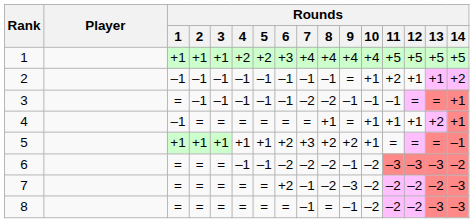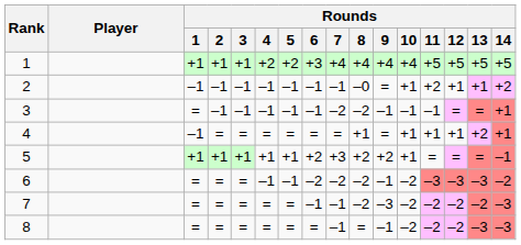 <table class="wikitable" style="font-size:100%; text-align:center; white-space: nowrap;">
 <tr>
 <th rowspan="2">Rank</th>
 <th rowspan="2" style="width:140px;">Player</th>
 <th colspan="14">Rounds</th>
 </tr>
 <tr>
 <th>1</th>
 <th>2</th>
 <th>3</th>
 <th>4</th>
 <th>5</th>
 <th>6</th>
 <th>7</th>
 <th>8</th>
 <th>9</th>
 <th>10</th>
 <th>11</th>
 <th>12</th>
 <th>13</th>
 <th>14</th>
 </tr>
 <tr>
 <td>1</td>
 <td align="left"></td>
 <td bgcolor="#ccffcc">+1</td>
 <td bgcolor="#ccffcc">+1</td>
 <td bgcolor="#ccffcc">+1</td>
 <td bgcolor="#ccffcc">+2</td>
 <td bgcolor="#ccffcc">+2</td>
 <td bgcolor="#ccffcc">+3</td>
 <td bgcolor="#ccffcc">+4</td>
 <td bgcolor="#ccffcc">+4</td>
 <td bgcolor="#ccffcc">+4</td>
 <td bgcolor="#ccffcc">+4</td>
 <td bgcolor="#ccffcc">+5</td>
 <td bgcolor="#ccffcc">+5</td>
 <td bgcolor="#ccffcc">+5</td>
 <td bgcolor="#ccffcc">+5</td>
 </tr>
 <tr>
 <td>2</td>
 <td align="left"></td>
 <td>–1</td>
 <td>–1</td>
 <td>–1</td>
 <td>–1</td>
 <td>–1</td>
 <td>–1</td>
 <td>–1</td>
-<td>–1</td>
+<td>–0</td>
 <td>=</td>
 <td>+1</td>
 <td>+2</td>
 <td>+1</td>
 <td bgcolor="#ffbfff">+1</td>
 <td bgcolor="#ffbfff">+2</td>
 </tr>
 <tr>
 <td>3</td>
 <td align="left"></td>
 <td>=</td>
 <td>–1</td>
 <td>–1</td>
 <td>–1</td>
 <td>–1</td>
 <td>–1</td>
 <td>–2</td>
 <td>–2</td>
 <td>–1</td>
 <td>–1</td>
 <td>–1</td>
 <td bgcolor="#ffbfff">=</td>
 <td bgcolor="#ff8888">=</td>
 <td bgcolor="#ff8888">+1</td>
 </tr>
 <tr>
 <td>4</td>
 <td align="left"></td>
 <td>–1</td>
 <td>=</td>
 <td>=</td>
 <td>=</td>
 <td>=</td>
 <td>=</td>
 <td>=</td>
 <td>+1</td>
 <td>=</td>
 <td>+1</td>
 <td>+1</td>
 <td>+1</td>
 <td bgcolor="#ffbfff">+2</td>
 <td bgcolor="#ff8888">+1</td>
 </tr>
 <tr>
 <td>5</td>
 <td align="left"></td>
 <td bgcolor="#ccffcc">+1</td>
 <td bgcolor="#ccffcc">+1</td>
 <td bgcolor="#ccffcc">+1</td>
 <td>+1</td>
 <td>+1</td>
 <td>+2</td>
 <td>+3</td>
 <td>+2</td>
 <td>+2</td>
 <td>+1</td>
 <td>=</td>
 <td bgcolor="#ffbfff">=</td>
 <td bgcolor="#ff8888">=</td>
 <td bgcolor="#ff8888">–1</td>
 </tr>
 <tr>
 <td>6</td>
 <td align="left"></td>
 <td>=</td>
 <td>=</td>
 <td>=</td>
 <td>–1</td>
 <td>–1</td>
 <td>–2</td>
 <td>–2</td>
 <td>–2</td>
 <td>–1</td>
 <td>–2</td>
 <td bgcolor="#ff8888">–3</td>
 <td bgcolor="#ff8888">–3</td>
 <td bgcolor="#ff8888">–3</td>
 <td bgcolor="#ff8888">–2</td>
 </tr>
 <tr>
 <td>7</td>
 <td align="left"></td>
 <td>=</td>
 <td>=</td>
 <td>=</td>
 <td>=</td>
 <td>=</td>
-<td>+2</td>
+<td>–1</td>
 <td>–1</td>
 <td>–2</td>
 <td>–3</td>
 <td>–2</td>
 <td bgcolor="#ffbfff">–2</td>
 <td bgcolor="#ffbfff">–2</td>
 <td bgcolor="#ff8888">–2</td>
 <td bgcolor="#ff8888">–3</td>
 </tr>
 <tr>
 <td>8</td>
 <td align="left"></td>
 <td>=</td>
 <td>=</td>
 <td>=</td>
 <td>=</td>
 <td>=</td>
 <td>=</td>
 <td>–1</td>
 <td>=</td>
 <td>–1</td>
 <td>–2</td>
 <td bgcolor="#ffbfff">–2</td>
 <td bgcolor="#ffbfff">–2</td>
 <td bgcolor="#ff8888">–3</td>
 <td bgcolor="#ff8888">–3</td>
 </tr>
 </table>
